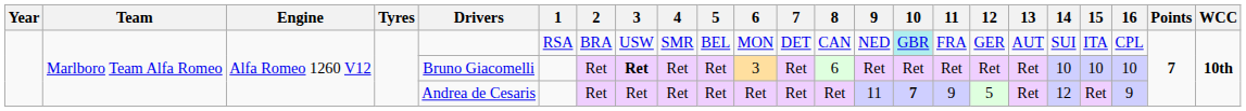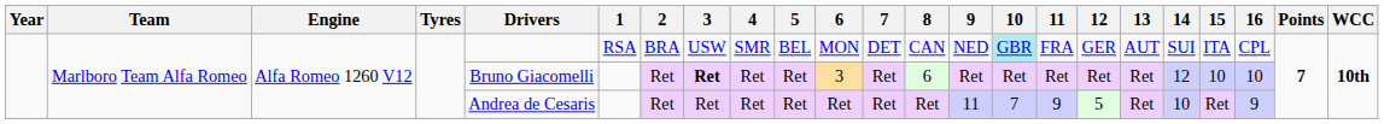 <table class="wikitable" style="text-align:center; font-size:95%">
 <tr>
 <th>Year</th>
 <th>Team</th>
 <th>Engine</th>
 <th>Tyres</th>
 <th>Drivers</th>
 <th>1</th>
 <th>2</th>
 <th>3</th>
 <th>4</th>
 <th>5</th>
 <th>6</th>
 <th>7</th>
 <th>8</th>
 <th>9</th>
 <th>10</th>
 <th>11</th>
 <th>12</th>
 <th>13</th>
 <th>14</th>
 <th>15</th>
 <th>16</th>
 <th>Points</th>
 <th>WCC</th>
 </tr>
 <tr>
 <td rowspan="3"></td>
 <td rowspan="3"><a href='#'>Marlboro</a> <a href='#'>Team Alfa Romeo</a></td>
 <td rowspan="3"><a href='#'>Alfa Romeo</a> 1260 <a href='#'>V12</a></td>
 <td rowspan="3"></td>
 <td></td>
 <td><a href='#'>RSA</a></td>
 <td><a href='#'>BRA</a></td>
 <td><a href='#'>USW</a></td>
 <td><a href='#'>SMR</a></td>
 <td><a href='#'>BEL</a></td>
 <td><a href='#'>MON</a></td>
 <td><a href='#'>DET</a></td>
 <td><a href='#'>CAN</a></td>
 <td><a href='#'>NED</a></td>
 <td style="background: paleturquoise;"><a href='#'>GBR</a></td>
 <td><a href='#'>FRA</a></td>
 <td><a href='#'>GER</a></td>
 <td><a href='#'>AUT</a></td>
 <td><a href='#'>SUI</a></td>
 <td><a href='#'>ITA</a></td>
 <td><a href='#'>CPL</a></td>
 <td rowspan="3"><strong>7</strong></td>
 <td rowspan="3"><strong>10th</strong></td>
 </tr>
 <tr>
 <td><a href='#'>Bruno Giacomelli</a></td>
 <td></td>
 <td style="background:#efcfff;">Ret</td>
 <td style="background:#efcfff;"><strong>Ret</strong></td>
 <td style="background:#efcfff;">Ret</td>
 <td style="background:#efcfff;">Ret</td>
 <td style="background:#ffdf9f;">3</td>
 <td style="background:#efcfff;">Ret</td>
 <td style="background:#dfffdf;">6</td>
 <td style="background:#efcfff;">Ret</td>
 <td style="background:#efcfff;">Ret</td>
 <td style="background:#efcfff;">Ret</td>
 <td style="background:#efcfff;">Ret</td>
 <td style="background:#efcfff;">Ret</td>
-<td style="background:#cfcfff;">10</td>
+<td style="background:#cfcfff;">12</td>
 <td style="background:#cfcfff;">10</td>
 <td style="background:#cfcfff;">10</td>
 </tr>
 <tr>
 <td><a href='#'>Andrea de Cesaris</a></td>
 <td></td>
 <td style="background:#efcfff;">Ret</td>
 <td style="background:#efcfff;">Ret</td>
 <td style="background:#efcfff;">Ret</td>
 <td style="background:#efcfff;">Ret</td>
 <td style="background:#efcfff;">Ret</td>
 <td style="background:#efcfff;">Ret</td>
 <td style="background:#efcfff;">Ret</td>
 <td style="background:#cfcfff;">11</td>
-<td style="background:#cfcfff;"><strong>7</strong></td>
+<td style="background:#cfcfff;">7</td>
 <td style="background:#cfcfff;">9</td>
 <td style="background:#dfffdf;">5</td>
 <td style="background:#efcfff;">Ret</td>
-<td style="background:#cfcfff;">12</td>
+<td style="background:#cfcfff;">10</td>
 <td style="background:#efcfff;">Ret</td>
 <td style="background:#cfcfff;">9</td>
 </tr>
 </table>
